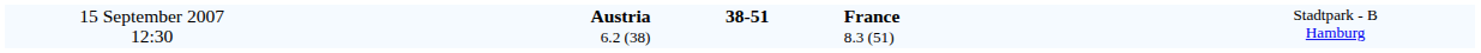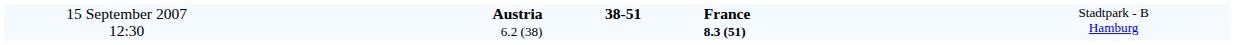 <table style="width: 100%; background:#F5FAFF;" cellspacing="0">
 <tr>
 <td align=center rowspan=3 width=20%>15 September 2007<br>12:30</td>
 </tr>
 <tr>
 <td width=24% align=right><strong>Austria</strong></td>
 <td align=center width=13%><strong>38-51</strong></td>
 <td width=24%><strong>France</strong></td>
 <td style=font-size:85% rowspan=3 valign=top align=center>Stadtpark - B <br><a href='#'>Hamburg</a></td>
 </tr>
 <tr style=font-size:85%>
 <td align=right>6.2 (38)</td>
 <td align=center></td>
-<td>8.3 (51)</td>
+<td><strong>8.3 (51)</strong></td>
 </tr>
 </table>
